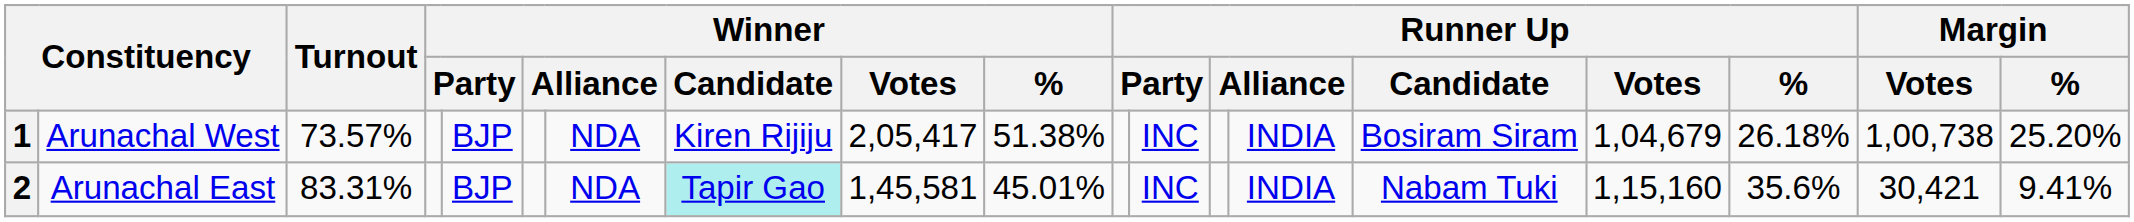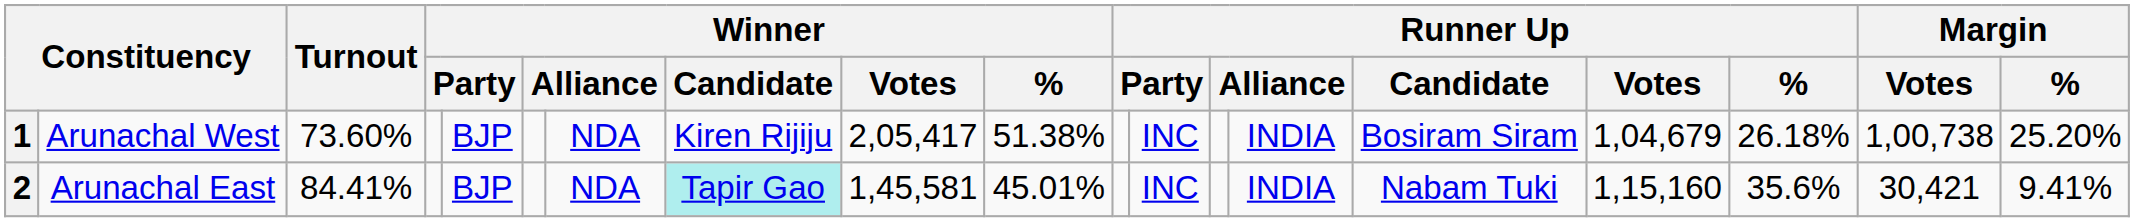 <table class="wikitable sortable" style="text-align:center;">
 <tr>
 <th colspan="2" rowspan="2">Constituency</th>
 <th rowspan="2">Turnout</th>
 <th colspan="7">Winner</th>
 <th colspan="7">Runner Up</th>
 <th colspan="2">Margin</th>
 </tr>
 <tr>
 <th colspan="2">Party</th>
 <th colspan="2">Alliance</th>
 <th>Candidate</th>
 <th>Votes</th>
 <th>%</th>
 <th colspan="2">Party</th>
 <th colspan="2">Alliance</th>
 <th>Candidate</th>
 <th>Votes</th>
 <th>%</th>
 <th>Votes</th>
 <th>%</th>
 </tr>
 <tr>
 <th>1</th>
 <td><a href='#'>Arunachal West</a></td>
-<td>73.57%</td>
+<td>73.60%</td>
 <td></td>
 <td><a href='#'>BJP</a></td>
 <td></td>
 <td><a href='#'>NDA</a></td>
 <td><a href='#'>Kiren Rijiju</a></td>
 <td>2,05,417</td>
 <td>51.38%</td>
 <td></td>
 <td><a href='#'>INC</a></td>
 <td></td>
 <td><a href='#'>INDIA</a></td>
 <td><a href='#'>Bosiram Siram</a></td>
 <td>1,04,679</td>
 <td>26.18%</td>
 <td style="background:">1,00,738</td>
 <td style="background:">25.20%</td>
 </tr>
 <tr>
 <th>2</th>
 <td><a href='#'>Arunachal East</a></td>
-<td>83.31%</td>
+<td>84.41%</td>
 <td></td>
 <td><a href='#'>BJP</a></td>
 <td></td>
 <td><a href='#'>NDA</a></td>
 <td style="background: paleturquoise;"><a href='#'>Tapir Gao</a></td>
 <td>1,45,581</td>
 <td>45.01%</td>
 <td></td>
 <td><a href='#'>INC</a></td>
 <td></td>
 <td><a href='#'>INDIA</a></td>
 <td><a href='#'>Nabam Tuki</a></td>
 <td>1,15,160</td>
 <td>35.6%</td>
 <td style="background:">30,421</td>
 <td style="background:">9.41%</td>
 </tr>
 </table>
